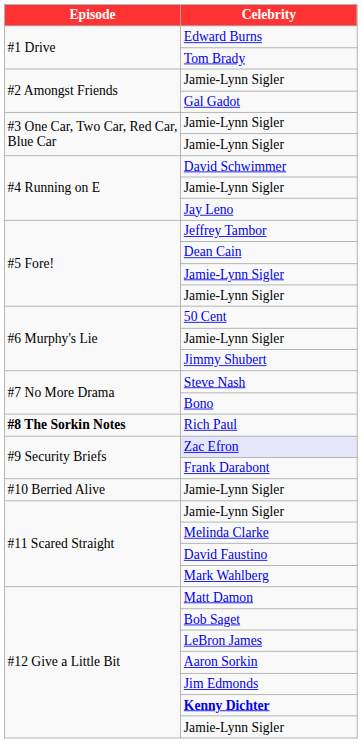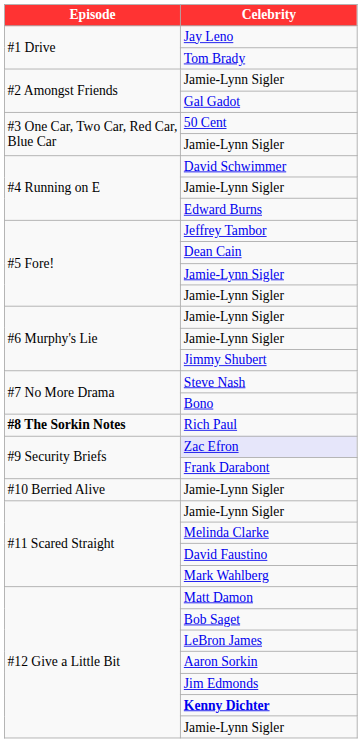 <table class="wikitable">
 <tr style="color:white">
 <th style="background:#f33; width:200px;">Episode</th>
 <th style="background:#f33; width:200px;">Celebrity</th>
 </tr>
 <tr>
 <td rowspan="2">#1 Drive</td>
-<td><a href='#'>Edward Burns</a></td>
+<td><a href='#'>Jay Leno</a></td>
 </tr>
 <tr>
 <td><a href='#'>Tom Brady</a></td>
 </tr>
 <tr>
 <td rowspan="2">#2 Amongst Friends</td>
 <td>Jamie-Lynn Sigler</td>
 </tr>
 <tr>
 <td><a href='#'>Gal Gadot</a></td>
 </tr>
 <tr>
 <td rowspan="2">#3 One Car, Two Car, Red Car, Blue Car</td>
-<td>Jamie-Lynn Sigler</td>
+<td><a href='#'>50 Cent</a></td>
 </tr>
 <tr>
 <td>Jamie-Lynn Sigler</td>
 </tr>
 <tr>
 <td rowspan="3">#4 Running on E</td>
 <td><a href='#'>David Schwimmer</a></td>
 </tr>
 <tr>
 <td>Jamie-Lynn Sigler</td>
 </tr>
 <tr>
-<td><a href='#'>Jay Leno</a></td>
+<td><a href='#'>Edward Burns</a></td>
 </tr>
 <tr>
 <td rowspan="4">#5 Fore!</td>
 <td><a href='#'>Jeffrey Tambor</a></td>
 </tr>
 <tr>
 <td><a href='#'>Dean Cain</a></td>
 </tr>
 <tr>
 <td><a href='#'>Jamie-Lynn Sigler</a></td>
 </tr>
 <tr>
 <td>Jamie-Lynn Sigler</td>
 </tr>
 <tr>
 <td rowspan="3">#6 Murphy's Lie</td>
-<td><a href='#'>50 Cent</a></td>
+<td>Jamie-Lynn Sigler</td>
 </tr>
 <tr>
 <td>Jamie-Lynn Sigler</td>
 </tr>
 <tr>
 <td><a href='#'>Jimmy Shubert</a></td>
 </tr>
 <tr>
 <td rowspan="2">#7 No More Drama</td>
 <td><a href='#'>Steve Nash</a></td>
 </tr>
 <tr>
 <td><a href='#'>Bono</a></td>
 </tr>
 <tr>
 <td><strong>#8 The Sorkin Notes</strong></td>
 <td><a href='#'>Rich Paul</a></td>
 </tr>
 <tr>
 <td rowspan="2">#9 Security Briefs</td>
 <td style="background: lavender;"><a href='#'>Zac Efron</a></td>
 </tr>
 <tr>
 <td><a href='#'>Frank Darabont</a></td>
 </tr>
 <tr>
 <td>#10 Berried Alive</td>
 <td>Jamie-Lynn Sigler</td>
 </tr>
 <tr>
 <td rowspan="4">#11 Scared Straight</td>
 <td>Jamie-Lynn Sigler</td>
 </tr>
 <tr>
 <td><a href='#'>Melinda Clarke</a></td>
 </tr>
 <tr>
 <td><a href='#'>David Faustino</a></td>
 </tr>
 <tr>
 <td><a href='#'>Mark Wahlberg</a></td>
 </tr>
 <tr>
 <td rowspan="7">#12 Give a Little Bit</td>
 <td><a href='#'>Matt Damon</a></td>
 </tr>
 <tr>
 <td><a href='#'>Bob Saget</a></td>
 </tr>
 <tr>
 <td><a href='#'>LeBron James</a></td>
 </tr>
 <tr>
 <td><a href='#'>Aaron Sorkin</a></td>
 </tr>
 <tr>
 <td><a href='#'>Jim Edmonds</a></td>
 </tr>
 <tr>
 <td><strong><a href='#'>Kenny Dichter</a></strong></td>
 </tr>
 <tr>
 <td>Jamie-Lynn Sigler</td>
 </tr>
 </table>
